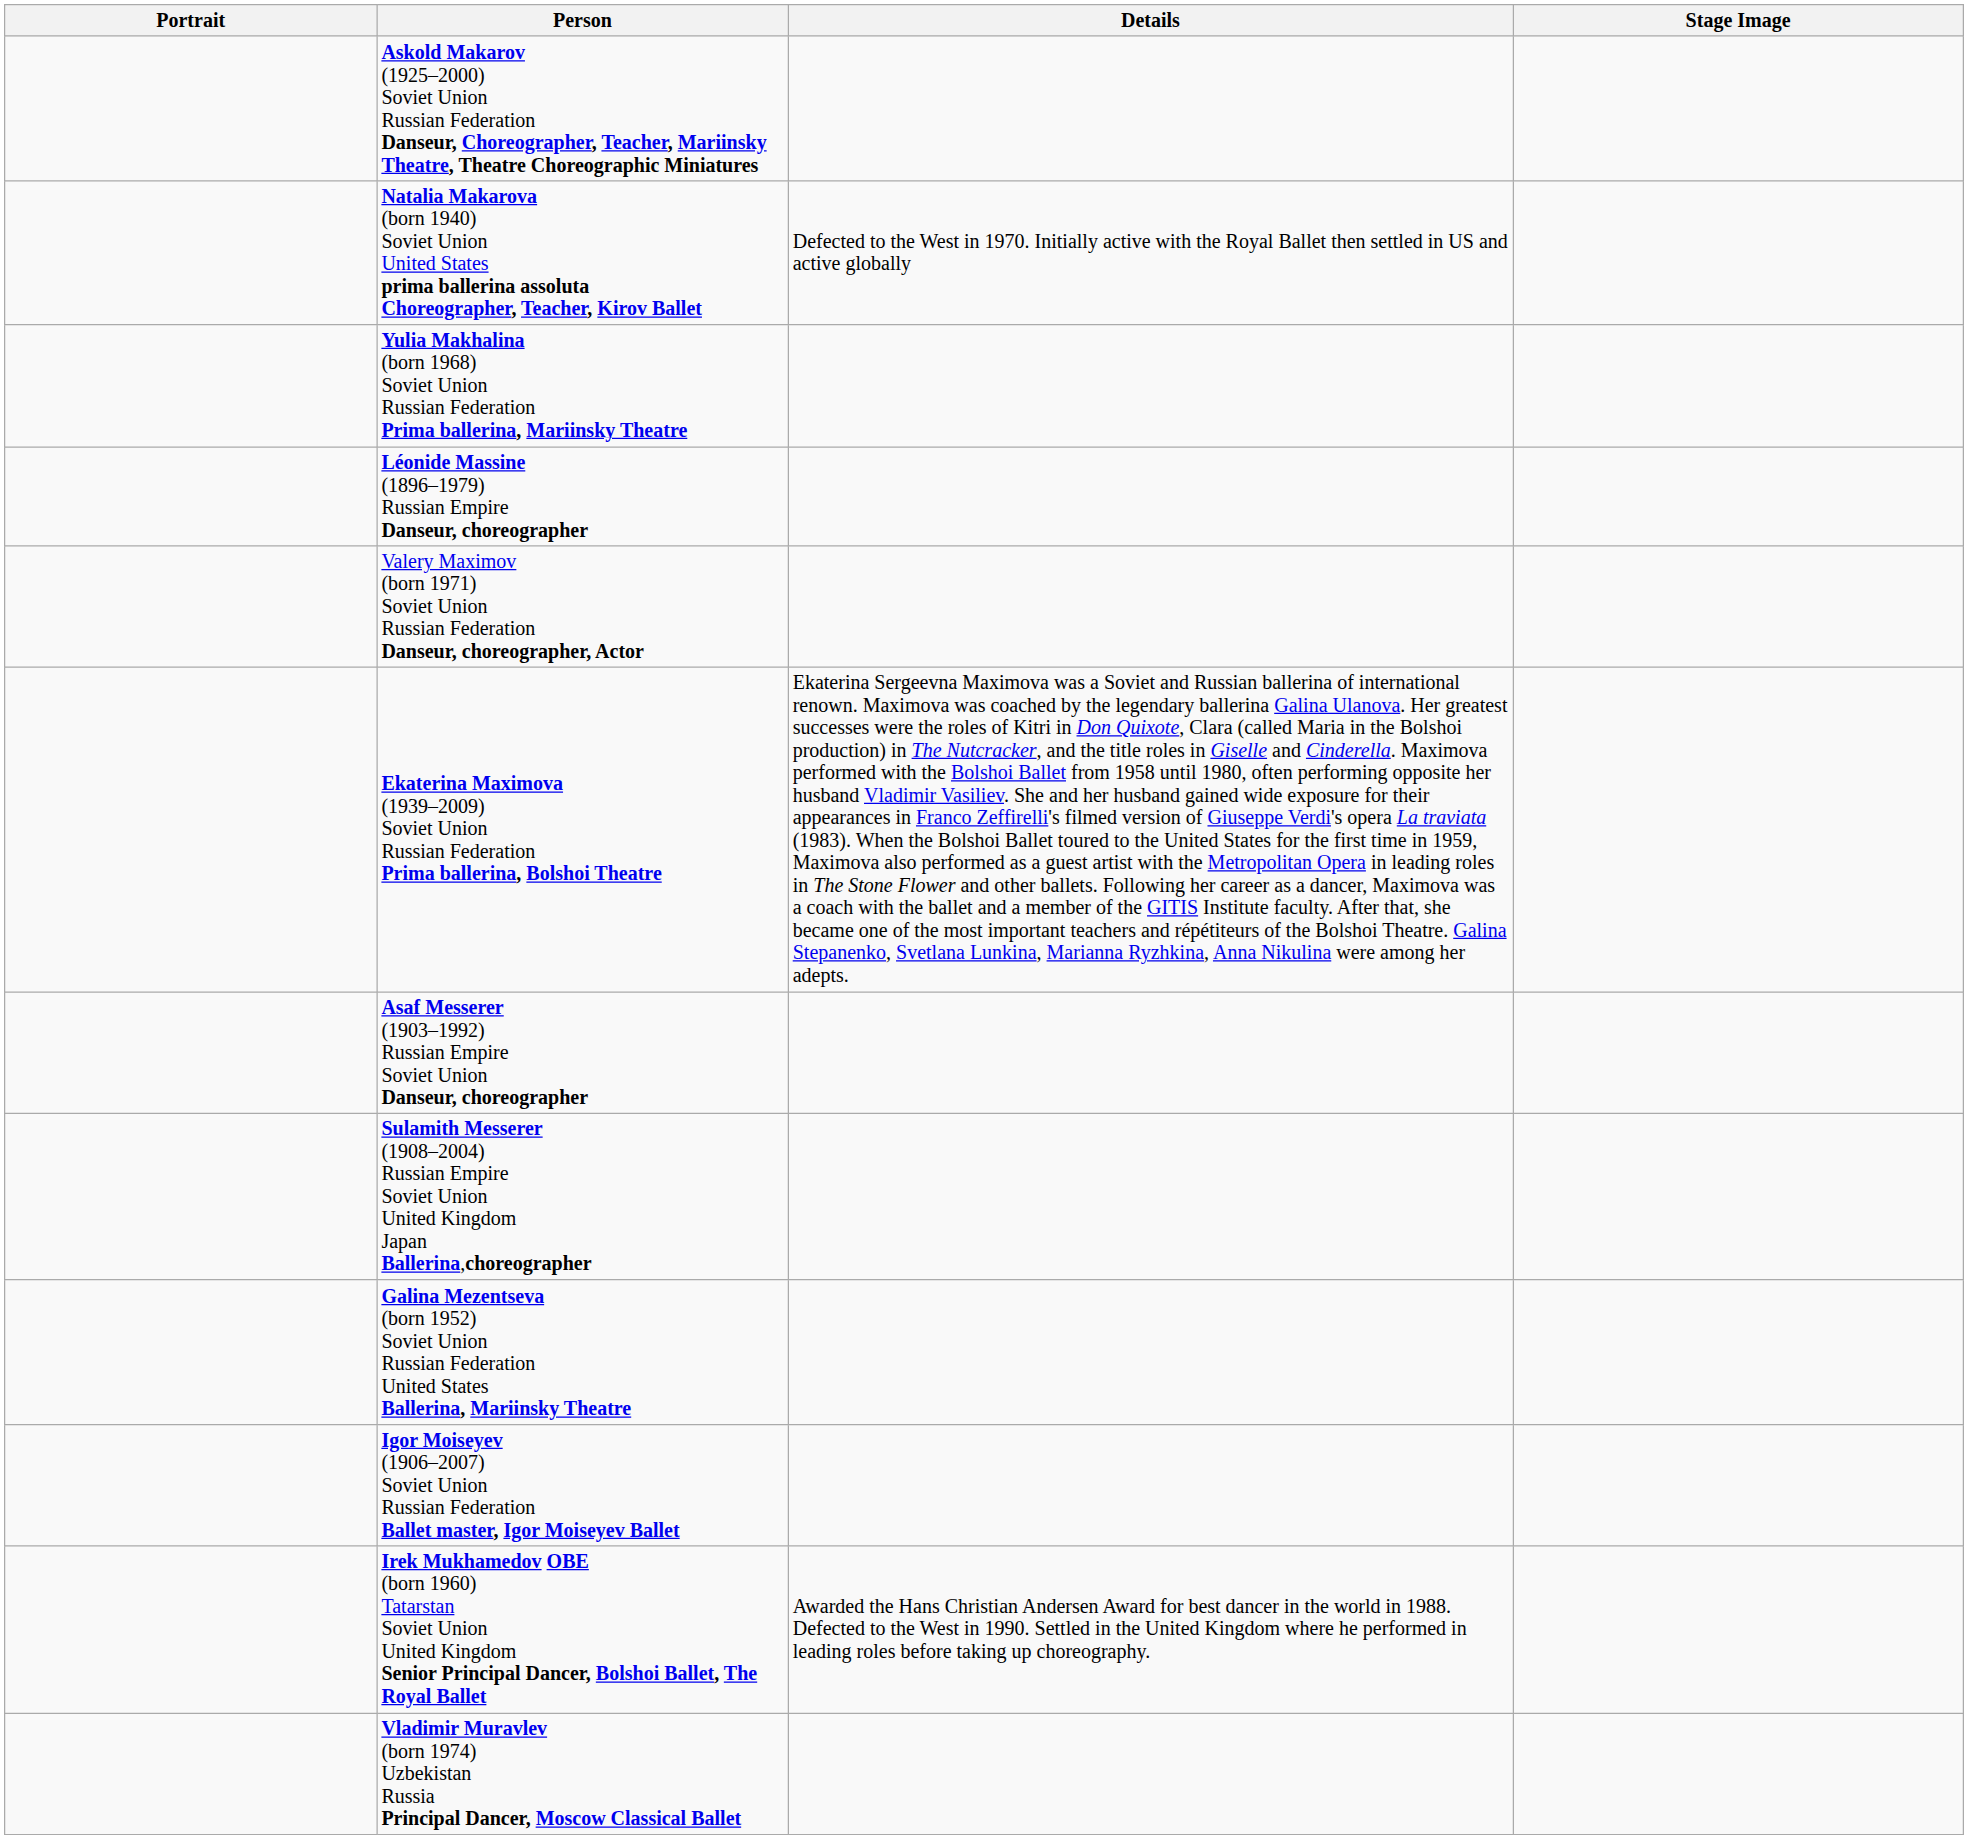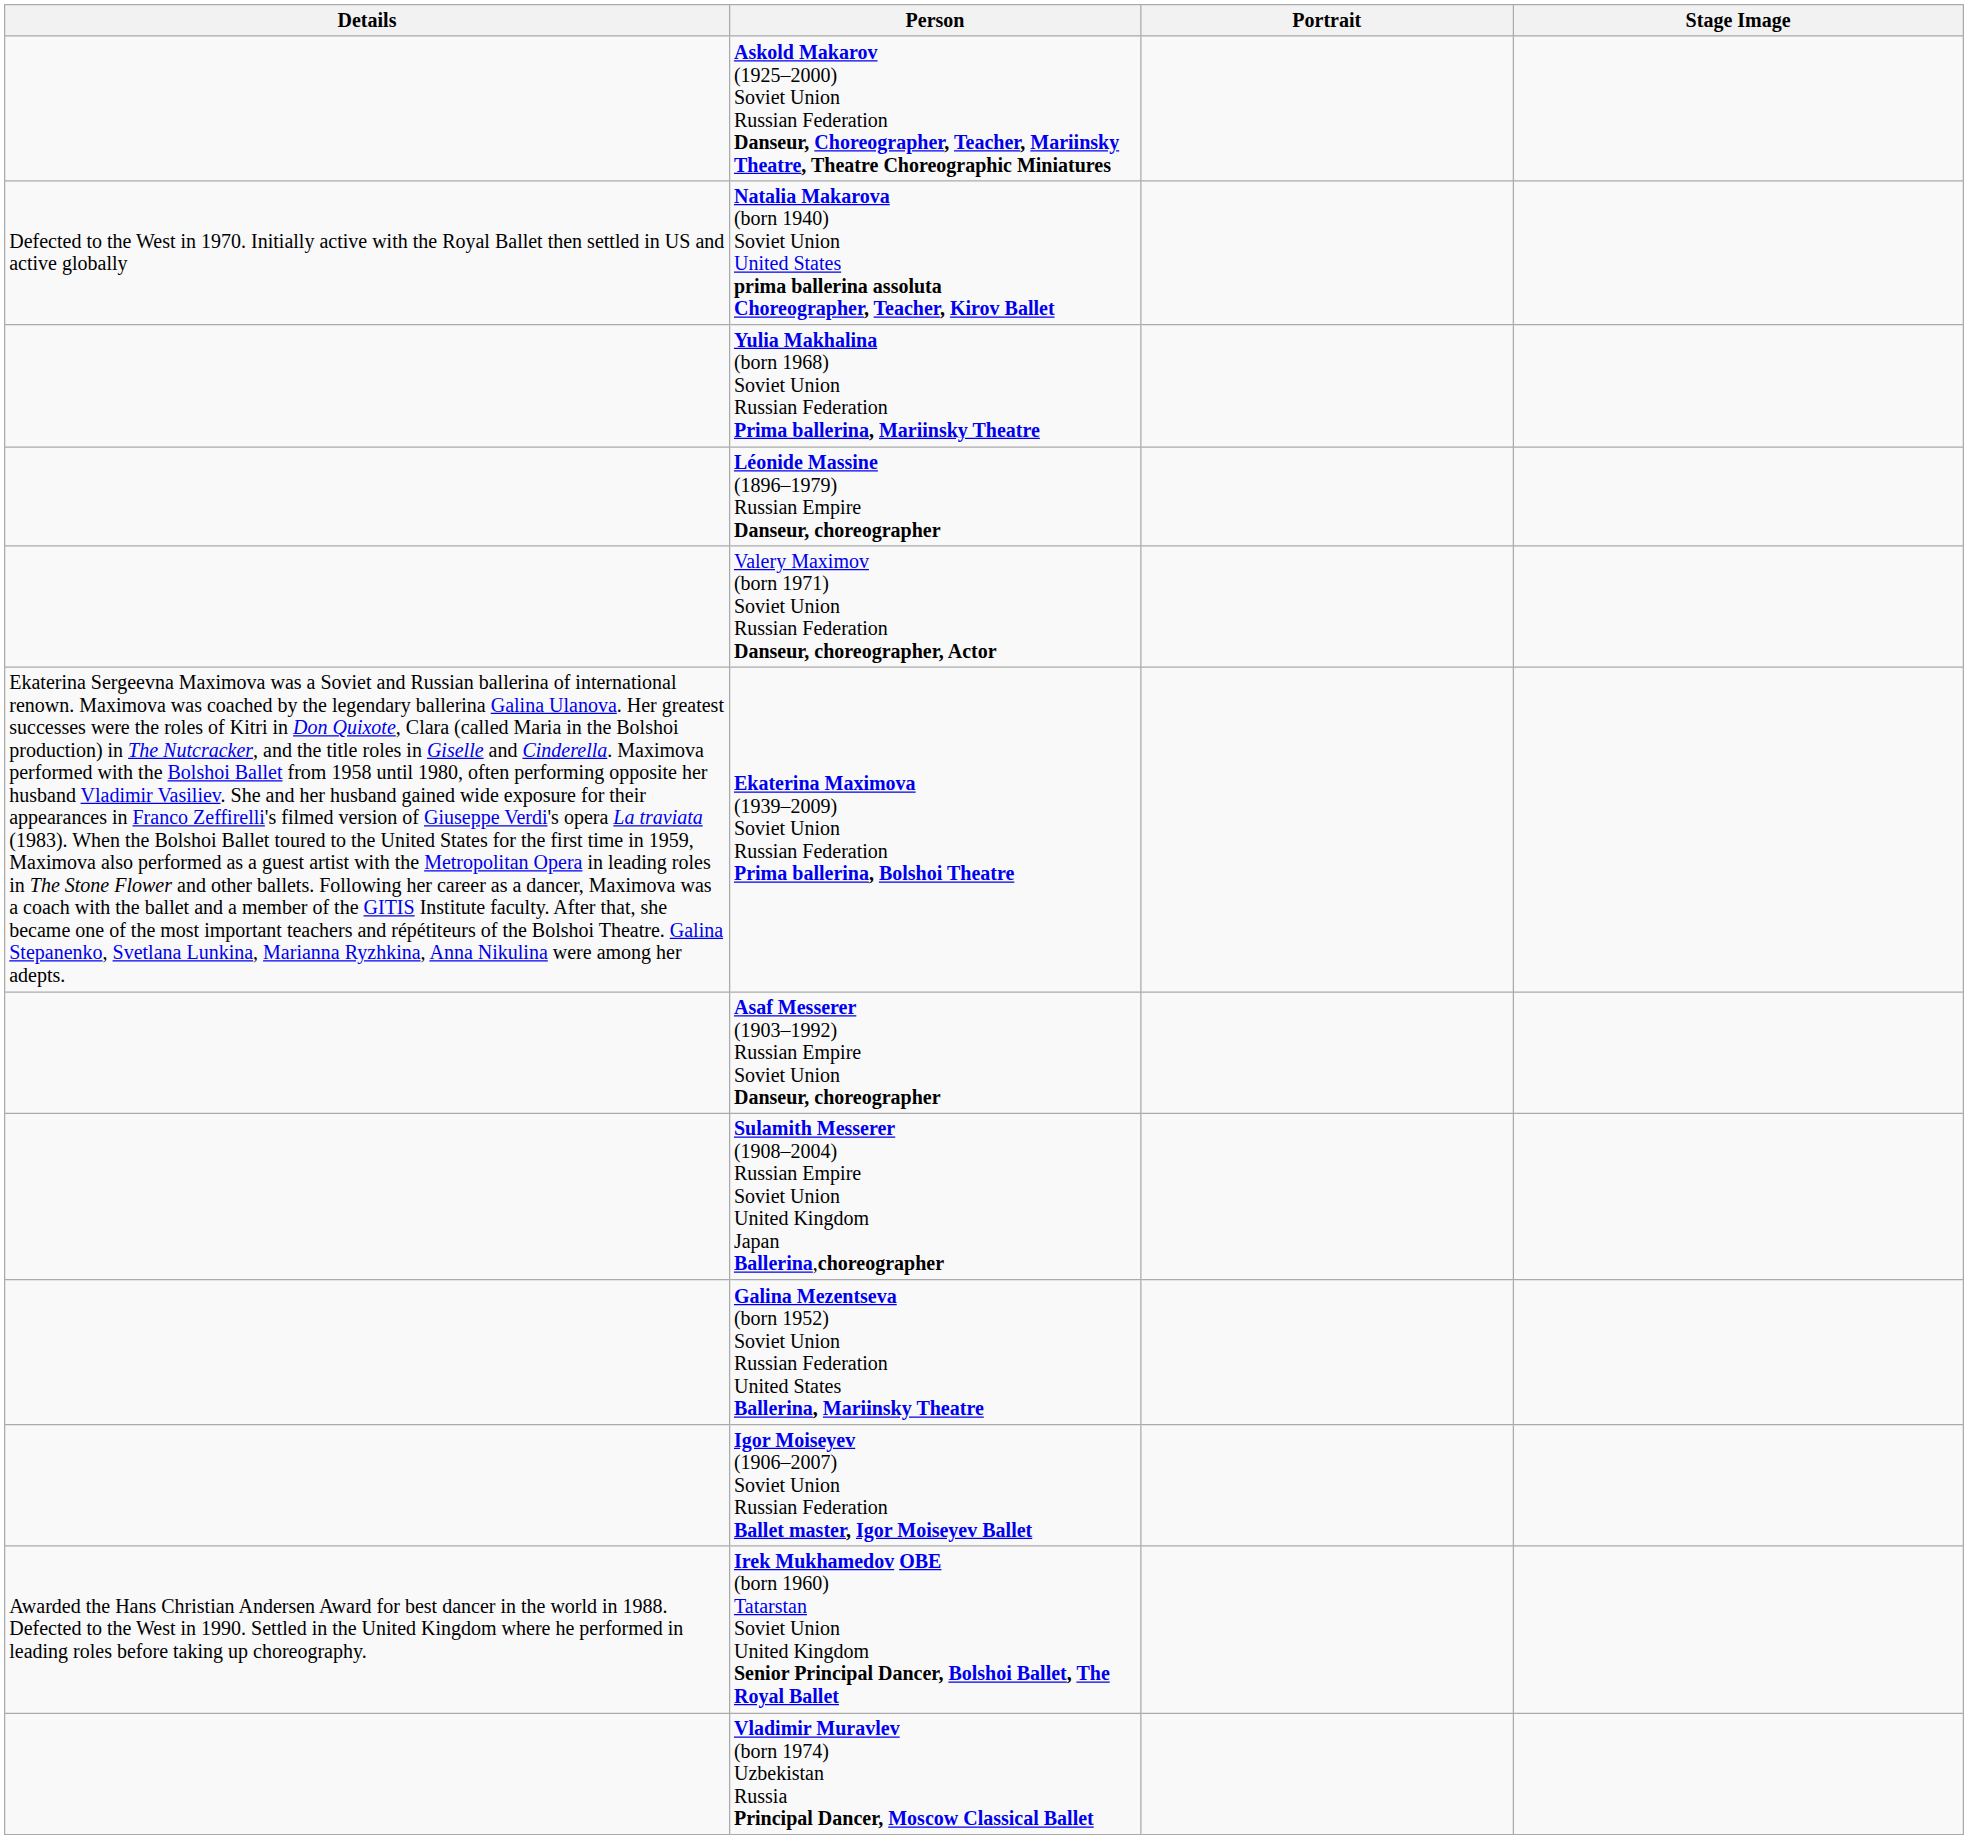 <table class="wikitable">
 <tr>
+<th width=37%>Details</th>
+<th width=21%>Person</th>
 <th width=19%>Portrait</th>
-<th width=21%>Person</th>
-<th width=37%>Details</th>
 <th width=23%>Stage Image</th>
 </tr>
 <tr>
 <td></td>
 <td><strong><a href='#'>Askold Makarov</a></strong><br>(1925–2000)<br>Soviet Union<br>Russian Federation<br><strong>Danseur, <a href='#'>Choreographer</a>, <a href='#'>Teacher</a>, <a href='#'>Mariinsky Theatre</a>, Theatre Choreographic Miniatures </strong></td>
 <td></td>
 <td></td>
 </tr>
 <tr>
+<td>Defected to the West in 1970. Initially active with the Royal Ballet then settled in US and active globally</td>
+<td><strong><a href='#'>Natalia Makarova</a></strong><br>(born 1940)<br>Soviet Union<br><a href='#'>United States</a><br><strong>prima ballerina assoluta<br><a href='#'>Choreographer</a>, <a href='#'>Teacher</a>, <a href='#'>Kirov Ballet</a></strong></td>
 <td></td>
-<td><strong><a href='#'>Natalia Makarova</a></strong><br>(born 1940)<br>Soviet Union<br><a href='#'>United States</a><br><strong>prima ballerina assoluta<br><a href='#'>Choreographer</a>, <a href='#'>Teacher</a>, <a href='#'>Kirov Ballet</a></strong></td>
-<td>Defected to the West in 1970. Initially active with the Royal Ballet then settled in US and active globally</td>
 <td></td>
 </tr>
 <tr>
 <td></td>
 <td><strong><a href='#'>Yulia Makhalina</a></strong><br>(born 1968)<br>Soviet Union<br>Russian Federation<br><strong><a href='#'>Prima ballerina</a>, <a href='#'>Mariinsky Theatre</a></strong></td>
 <td></td>
 <td></td>
 </tr>
 <tr>
 <td></td>
 <td><strong><a href='#'>Léonide Massine</a></strong><br> (1896–1979)<br>Russian Empire<br><strong>Danseur, choreographer</strong></td>
 <td></td>
 <td></td>
 </tr>
 <tr>
 <td></td>
 <td><a href='#'>Valery Maximov</a><br>(born 1971)<br>Soviet Union<br>Russian Federation<br><strong>Danseur, choreographer, Actor</strong></td>
 <td></td>
 <td></td>
 </tr>
 <tr>
+<td>Ekaterina Sergeevna Maximova was a Soviet and Russian ballerina of international renown. Maximova was coached by the legendary ballerina <a href='#'>Galina Ulanova</a>.  Her greatest successes were the roles of Kitri in <em><a href='#'>Don Quixote</a></em>, Clara (called Maria in the Bolshoi production) in <em><a href='#'>The Nutcracker</a></em>, and the title roles in <em><a href='#'>Giselle</a></em> and <em><a href='#'>Cinderella</a></em>.  Maximova performed with the <a href='#'>Bolshoi Ballet</a> from 1958 until 1980, often performing opposite her husband <a href='#'>Vladimir Vasiliev</a>. She and her husband gained wide exposure for their appearances in <a href='#'>Franco Zeffirelli</a>'s filmed version of <a href='#'>Giuseppe Verdi</a>'s opera <em><a href='#'>La traviata</a></em> (1983). When the Bolshoi Ballet toured to the United States for the first time in 1959, Maximova also performed as a guest artist with the <a href='#'>Metropolitan Opera</a> in leading roles in <em>The Stone Flower</em> and other ballets. Following her career as a dancer, Maximova was a coach with the ballet and a member of the <a href='#'>GITIS</a> Institute faculty. After that, she became one of the most important teachers and répétiteurs of the Bolshoi Theatre. <a href='#'>Galina Stepanenko</a>, <a href='#'>Svetlana Lunkina</a>, <a href='#'>Marianna Ryzhkina</a>, <a href='#'>Anna Nikulina</a> were among her adepts.</td>
+<td><strong><a href='#'>Ekaterina Maximova</a></strong><br>(1939–2009)<br>Soviet Union<br>Russian Federation<br><strong><a href='#'>Prima ballerina</a>, <a href='#'>Bolshoi Theatre</a></strong></td>
 <td></td>
-<td><strong><a href='#'>Ekaterina Maximova</a></strong><br>(1939–2009)<br>Soviet Union<br>Russian Federation<br><strong><a href='#'>Prima ballerina</a>, <a href='#'>Bolshoi Theatre</a></strong></td>
-<td>Ekaterina Sergeevna Maximova was a Soviet and Russian ballerina of international renown. Maximova was coached by the legendary ballerina <a href='#'>Galina Ulanova</a>.  Her greatest successes were the roles of Kitri in <em><a href='#'>Don Quixote</a></em>, Clara (called Maria in the Bolshoi production) in <em><a href='#'>The Nutcracker</a></em>, and the title roles in <em><a href='#'>Giselle</a></em> and <em><a href='#'>Cinderella</a></em>.  Maximova performed with the <a href='#'>Bolshoi Ballet</a> from 1958 until 1980, often performing opposite her husband <a href='#'>Vladimir Vasiliev</a>. She and her husband gained wide exposure for their appearances in <a href='#'>Franco Zeffirelli</a>'s filmed version of <a href='#'>Giuseppe Verdi</a>'s opera <em><a href='#'>La traviata</a></em> (1983). When the Bolshoi Ballet toured to the United States for the first time in 1959, Maximova also performed as a guest artist with the <a href='#'>Metropolitan Opera</a> in leading roles in <em>The Stone Flower</em> and other ballets. Following her career as a dancer, Maximova was a coach with the ballet and a member of the <a href='#'>GITIS</a> Institute faculty. After that, she became one of the most important teachers and répétiteurs of the Bolshoi Theatre. <a href='#'>Galina Stepanenko</a>, <a href='#'>Svetlana Lunkina</a>, <a href='#'>Marianna Ryzhkina</a>, <a href='#'>Anna Nikulina</a> were among her adepts.</td>
 <td></td>
 </tr>
 <tr>
 <td></td>
 <td><strong><a href='#'>Asaf Messerer</a></strong><br> (1903–1992)<br>Russian Empire<br>Soviet Union<br><strong>Danseur, choreographer</strong></td>
 <td></td>
 <td></td>
 </tr>
 <tr>
 <td></td>
 <td><strong><a href='#'>Sulamith Messerer</a></strong><br> (1908–2004)<br>Russian Empire<br>Soviet Union<br>United Kingdom<br>Japan<br> <strong><a href='#'>Ballerina</a></strong>,<strong>choreographer</strong></td>
 <td></td>
 <td></td>
 </tr>
 <tr>
 <td></td>
 <td><strong><a href='#'>Galina Mezentseva</a></strong><br>(born 1952)<br>Soviet Union<br>Russian Federation<br>United States<br><strong><a href='#'>Ballerina</a>, <a href='#'>Mariinsky Theatre</a></strong></td>
 <td></td>
 <td></td>
 </tr>
 <tr>
 <td></td>
 <td><strong><a href='#'>Igor Moiseyev</a></strong><br>(1906–2007)<br>Soviet Union<br>Russian Federation<br><strong><a href='#'>Ballet master</a>, <a href='#'>Igor Moiseyev Ballet</a></strong></td>
 <td></td>
 <td></td>
 </tr>
 <tr>
+<td>Awarded the Hans Christian Andersen Award for best dancer in the world in 1988. Defected to the West in 1990. Settled in the United Kingdom where he performed in leading roles before taking up choreography.</td>
+<td><strong><a href='#'>Irek Mukhamedov</a> <a href='#'>OBE</a></strong><br>(born 1960)<br><a href='#'>Tatarstan</a><br>Soviet Union<br>United Kingdom<br><strong>Senior Principal Dancer, <a href='#'>Bolshoi Ballet</a>, <a href='#'>The Royal Ballet</a></strong></td>
 <td></td>
-<td><strong><a href='#'>Irek Mukhamedov</a> <a href='#'>OBE</a></strong><br>(born 1960)<br><a href='#'>Tatarstan</a><br>Soviet Union<br>United Kingdom<br><strong>Senior Principal Dancer, <a href='#'>Bolshoi Ballet</a>, <a href='#'>The Royal Ballet</a></strong></td>
-<td>Awarded the Hans Christian Andersen Award for best dancer in the world in 1988. Defected to the West in 1990. Settled in the United Kingdom where he performed in leading roles before taking up choreography.</td>
 <td></td>
 </tr>
 <tr>
 <td></td>
 <td><strong><a href='#'>Vladimir Muravlev</a></strong> <br>(born 1974)<br>Uzbekistan<br>Russia<br><strong>Principal Dancer, <a href='#'>Moscow Classical Ballet</a></strong></td>
 <td></td>
 <td></td>
 </tr>
 </table>
